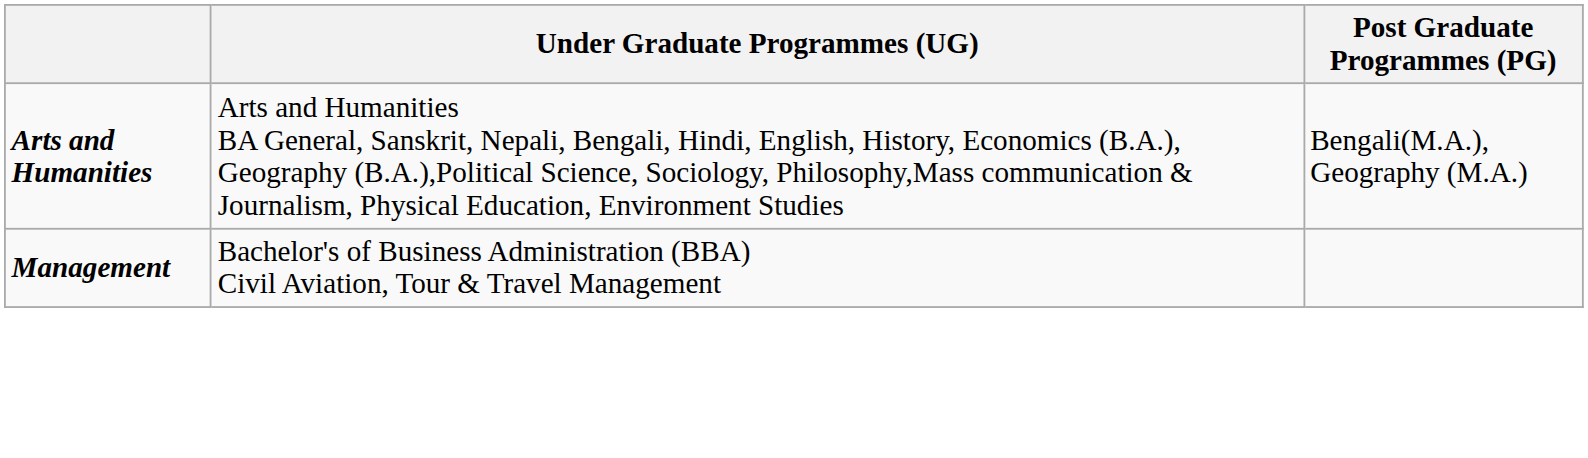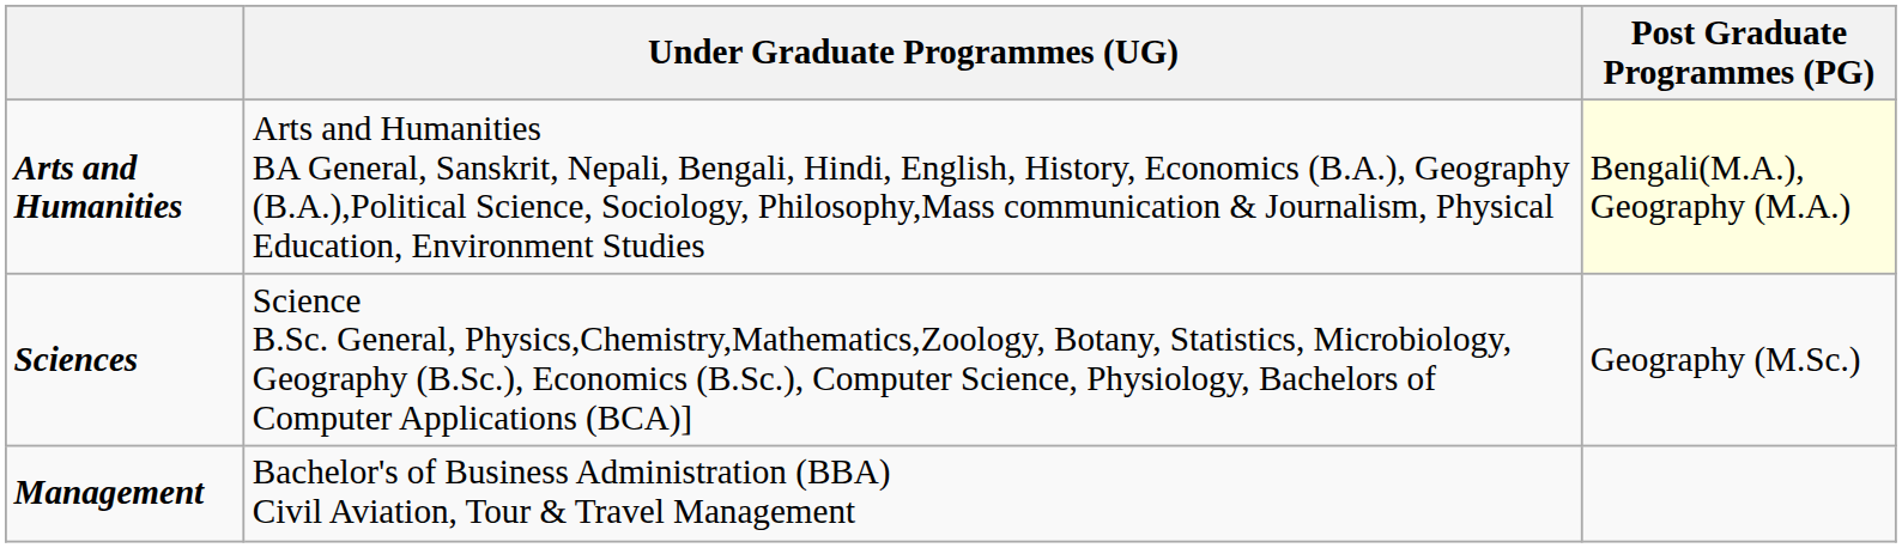 <table class="wikitable sortable">
 <tr>
 <th></th>
 <th>Under Graduate Programmes (UG)</th>
 <th>Post Graduate Programmes (PG)</th>
 </tr>
 <tr>
 <td><strong><em>Arts and Humanities</em></strong></td>
 <td>Arts and Humanities<br>BA General, Sanskrit, Nepali, Bengali, Hindi, English, History, Economics (B.A.), Geography (B.A.),Political Science, Sociology, Philosophy,Mass communication & Journalism, Physical Education, Environment Studies</td>
-<td>Bengali(M.A.), Geography (M.A.)</td>
+<td style="background: lightyellow;">Bengali(M.A.), Geography (M.A.)</td>
+</tr>
+<tr>
+<td><strong><em>Sciences</em></strong></td>
+<td>Science<br>B.Sc. General, Physics,Chemistry,Mathematics,Zoology, Botany, Statistics, Microbiology, Geography (B.Sc.), Economics (B.Sc.), Computer Science, Physiology, Bachelors of Computer Applications (BCA)]</td>
+<td>Geography (M.Sc.)</td>
 </tr>
 <tr>
 <td><strong><em>Management</em></strong></td>
 <td>Bachelor's of Business Administration (BBA)<br>Civil Aviation, Tour & Travel Management</td>
 <td></td>
 </tr>
 </table>
